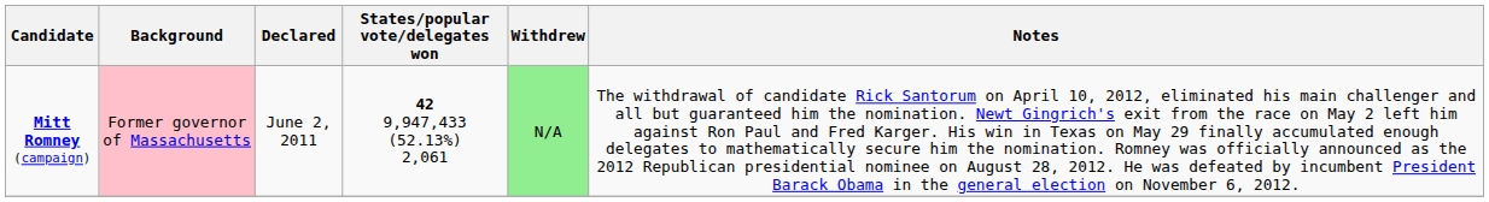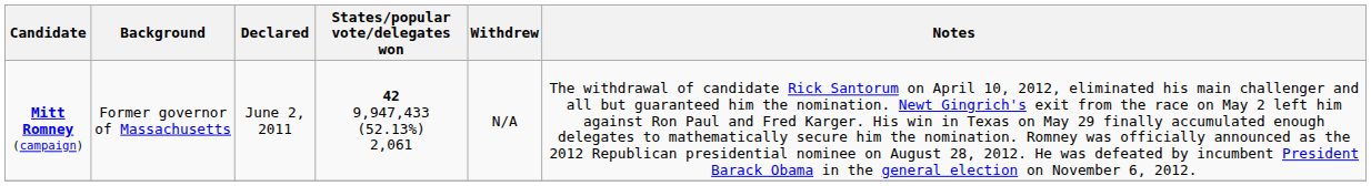 <table class=wikitable style="text-align:center">
 <tr>
 <th>Candidate</th>
 <th>Background</th>
 <th>Declared</th>
 <th>States/popular vote/delegates won</th>
 <th>Withdrew</th>
 <th>Notes</th>
 </tr>
 <tr>
 <td><br><strong><a href='#'>Mitt Romney</a></strong><br><small>(<a href='#'>campaign</a>)</small></td>
-<td style="background: pink;">Former governor of <a href='#'>Massachusetts</a></td>
+<td>Former governor of <a href='#'>Massachusetts</a></td>
 <td>June 2, 2011</td>
 <td><strong>42</strong><br>9,947,433<br>(52.13%)<br>2,061</td>
-<td style="background: lightgreen;">N/A</td>
+<td>N/A</td>
 <td><br>The withdrawal of candidate <a href='#'>Rick Santorum</a> on April 10, 2012, eliminated his main challenger and all but guaranteed him the nomination. <a href='#'>Newt Gingrich's</a> exit from the race on May 2 left him against Ron Paul and Fred Karger. His win in Texas on May 29 finally accumulated enough delegates to mathematically secure him the nomination. Romney was officially announced as the 2012 Republican presidential nominee on August 28, 2012. He was defeated by incumbent <a href='#'>President</a> <a href='#'>Barack Obama</a> in the <a href='#'>general election</a> on November 6, 2012.</td>
 </tr>
 <tr>
 </tr>
 </table>
